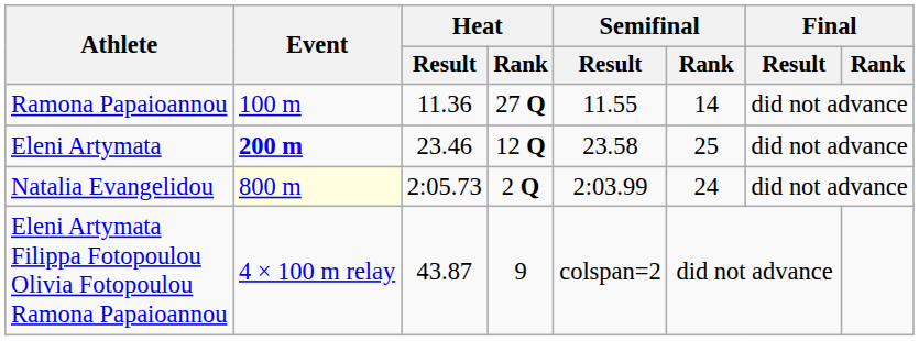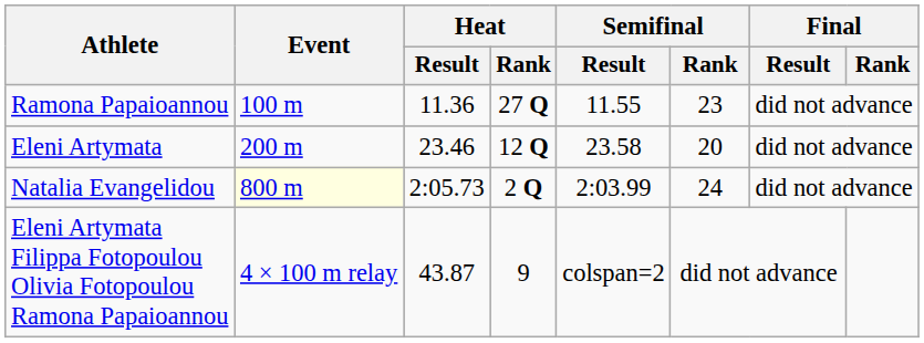 <table class="wikitable" style="font-size:90%">
 <tr>
 <th rowspan=2>Athlete</th>
 <th rowspan=2>Event</th>
 <th colspan=2>Heat</th>
 <th colspan=2>Semifinal</th>
 <th colspan=2>Final</th>
 </tr>
 <tr style="font-size:95%">
 <th>Result</th>
 <th>Rank</th>
 <th>Result</th>
 <th>Rank</th>
 <th>Result</th>
 <th>Rank</th>
 </tr>
 <tr align=center>
 <td align=left><a href='#'>Ramona Papaioannou</a></td>
 <td style="text-align:left;"><a href='#'>100 m</a></td>
 <td>11.36</td>
 <td>27 <strong>Q</strong></td>
 <td>11.55</td>
-<td>14</td>
+<td>23</td>
 <td colspan=2>did not advance</td>
 </tr>
 <tr align=center>
 <td align=left><a href='#'>Eleni Artymata</a></td>
-<td style="text-align:left;"><strong><a href='#'>200 m</a></strong></td>
+<td style="text-align:left;"><a href='#'>200 m</a></td>
 <td>23.46</td>
 <td>12 <strong>Q</strong></td>
 <td>23.58</td>
-<td>25</td>
+<td>20</td>
 <td colspan=2>did not advance</td>
 </tr>
 <tr align=center>
 <td align=left><a href='#'>Natalia Evangelidou</a></td>
 <td style="background: lightyellow; text-align:left;"><a href='#'>800 m</a></td>
 <td>2:05.73</td>
 <td>2 <strong>Q</strong></td>
 <td>2:03.99</td>
 <td>24</td>
 <td colspan=2>did not advance</td>
 </tr>
 <tr align=center>
 <td align=left><a href='#'>Eleni Artymata</a><br><a href='#'>Filippa Fotopoulou</a><br><a href='#'>Olivia Fotopoulou</a><br><a href='#'>Ramona Papaioannou</a></td>
 <td style="text-align:left;"><a href='#'>4 × 100 m relay</a></td>
 <td>43.87 <strong></strong></td>
 <td>9</td>
 <td>colspan=2 </td>
 <td colspan=2>did not advance</td>
 </tr>
 </table>
